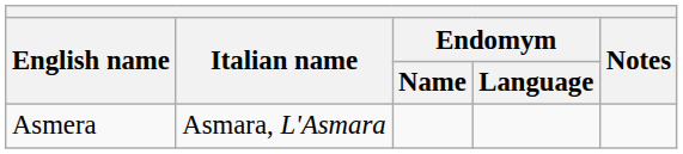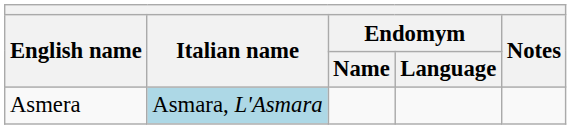 <table class="wikitable sortable">
 <tr>
 <th colspan="5"></th>
 </tr>
 <tr>
 <th rowspan="2">English name</th>
 <th rowspan="2">Italian name</th>
 <th colspan="2">Endomym</th>
 <th rowspan="2">Notes</th>
 </tr>
 <tr>
 <th>Name</th>
 <th>Language</th>
 </tr>
 <tr>
 <td>Asmera</td>
-<td>Asmara, <em>L'Asmara</em></td>
+<td style="background: lightblue;">Asmara, <em>L'Asmara</em></td>
 <td></td>
 <td></td>
 <td></td>
 </tr>
 </table>
